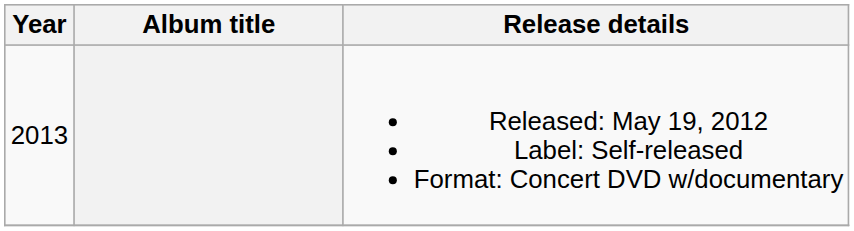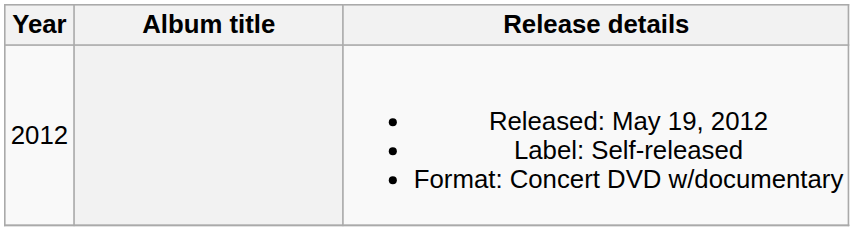 <table class="wikitable plainrowheaders" style="text-align:center;">
 <tr>
 <th>Year</th>
 <th scope="col" rowspan="1" style="width:10em;">Album title</th>
 <th scope="col" rowspan="1">Release details</th>
 </tr>
 <tr>
-<td>2013</td>
+<td>2012</td>
 <th></th>
 <td><br><ul><li>Released: May 19, 2012</li><li>Label: Self-released</li><li>Format: Concert DVD w/documentary</li></ul></td>
 </tr>
 <tr>
 </tr>
 </table>
